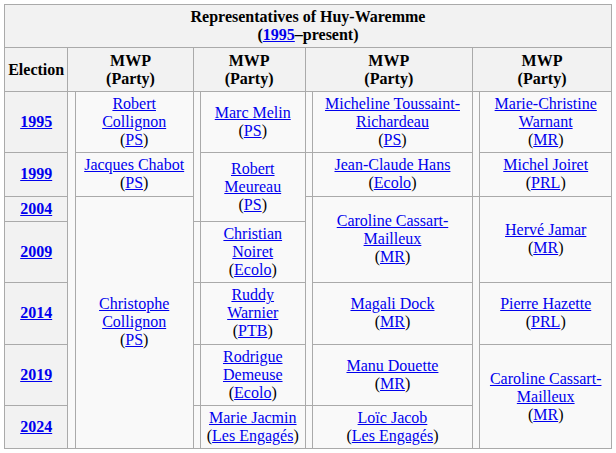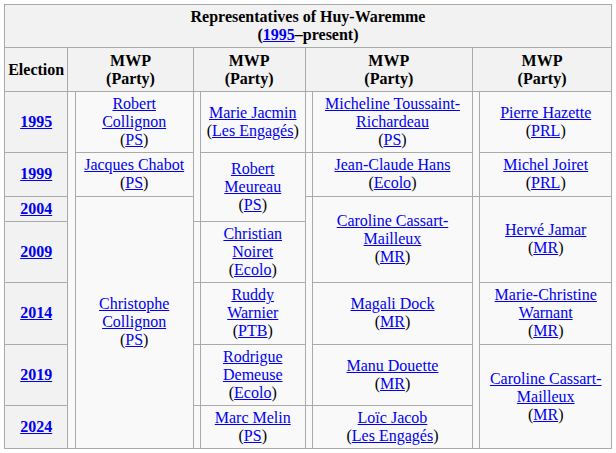 <table class="wikitable" style="text-align:center">
 <tr>
 <th colspan="9">Representatives of Huy-Waremme<br>(<a href='#'>1995</a>–present)</th>
 </tr>
 <tr>
 <th>Election</th>
 <th colspan=2>MWP<br>(Party)</th>
 <th colspan=2>MWP<br>(Party)</th>
 <th colspan=2>MWP<br>(Party)</th>
 <th colspan=2>MWP<br>(Party)</th>
 </tr>
 <tr>
 <th><a href='#'>1995</a></th>
 <td rowspan=7; style="background-color: "></td>
 <td rowspan=1><a href='#'>Robert Collignon</a><br>(<a href='#'>PS</a>)</td>
 <td rowspan=3; style="background-color: "></td>
-<td rowspan=1><a href='#'>Marc Melin</a><br>(<a href='#'>PS</a>)</td>
+<td rowspan=1><a href='#'>Marie Jacmin</a><br>(<a href='#'>Les Engagés</a>)</td>
 <td rowspan=1; style="background-color: "></td>
 <td rowspan=1><a href='#'>Micheline Toussaint-Richardeau</a><br>(<a href='#'>PS</a>)</td>
 <td rowspan=2; style="background-color: "></td>
-<td rowspan=1><a href='#'>Marie-Christine Warnant</a><br>(<a href='#'>MR</a>)</td>
+<td rowspan=1><a href='#'>Pierre Hazette</a><br>(<a href='#'>PRL</a>)</td>
 </tr>
 <tr>
 <th><a href='#'>1999</a></th>
 <td rowspan=1><a href='#'>Jacques Chabot</a><br>(<a href='#'>PS</a>)</td>
 <td rowspan=2><a href='#'>Robert Meureau</a><br>(<a href='#'>PS</a>)</td>
 <td rowspan=1; style="background-color: "></td>
 <td rowspan=1><a href='#'>Jean-Claude Hans</a><br>(<a href='#'>Ecolo</a>)</td>
 <td rowspan=1><a href='#'>Michel Joiret</a><br>(<a href='#'>PRL</a>)</td>
 </tr>
 <tr>
 <th><a href='#'>2004</a></th>
 <td rowspan=5><a href='#'>Christophe Collignon</a><br>(<a href='#'>PS</a>)</td>
 <td rowspan=4; style="background-color: "></td>
 <td rowspan=2><a href='#'>Caroline Cassart-Mailleux</a><br>(<a href='#'>MR</a>)</td>
 <td rowspan=5; style="background-color: "></td>
 <td rowspan=2><a href='#'>Hervé Jamar</a><br>(<a href='#'>MR</a>)</td>
 </tr>
 <tr>
 <th><a href='#'>2009</a></th>
 <td rowspan=1; style="background-color: "></td>
 <td rowspan=1><a href='#'>Christian Noiret</a><br>(<a href='#'>Ecolo</a>)</td>
 </tr>
 <tr>
 <th><a href='#'>2014</a></th>
 <td rowspan=1; style="background-color: "></td>
 <td rowspan=1><a href='#'>Ruddy Warnier</a><br>(<a href='#'>PTB</a>)</td>
 <td rowspan=1><a href='#'>Magali Dock</a><br>(<a href='#'>MR</a>)</td>
-<td rowspan=1><a href='#'>Pierre Hazette</a><br>(<a href='#'>PRL</a>)</td>
+<td rowspan=1><a href='#'>Marie-Christine Warnant</a><br>(<a href='#'>MR</a>)</td>
 </tr>
 <tr>
 <th><a href='#'>2019</a></th>
 <td rowspan=1; style="background-color: "></td>
 <td rowspan=1><a href='#'>Rodrigue Demeuse</a><br>(<a href='#'>Ecolo</a>)</td>
 <td rowspan=1><a href='#'>Manu Douette</a><br>(<a href='#'>MR</a>)</td>
 <td rowspan=2><a href='#'>Caroline Cassart-Mailleux</a><br>(<a href='#'>MR</a>)</td>
 </tr>
 <tr>
 <th><a href='#'>2024</a></th>
 <td rowspan=1; style="background-color: "></td>
-<td rowspan=1><a href='#'>Marie Jacmin</a><br>(<a href='#'>Les Engagés</a>)</td>
+<td rowspan=1><a href='#'>Marc Melin</a><br>(<a href='#'>PS</a>)</td>
 <td rowspan=1; style="background-color: "></td>
 <td rowspan=1><a href='#'>Loïc Jacob</a><br>(<a href='#'>Les Engagés</a>)</td>
 </tr>
 </table>
